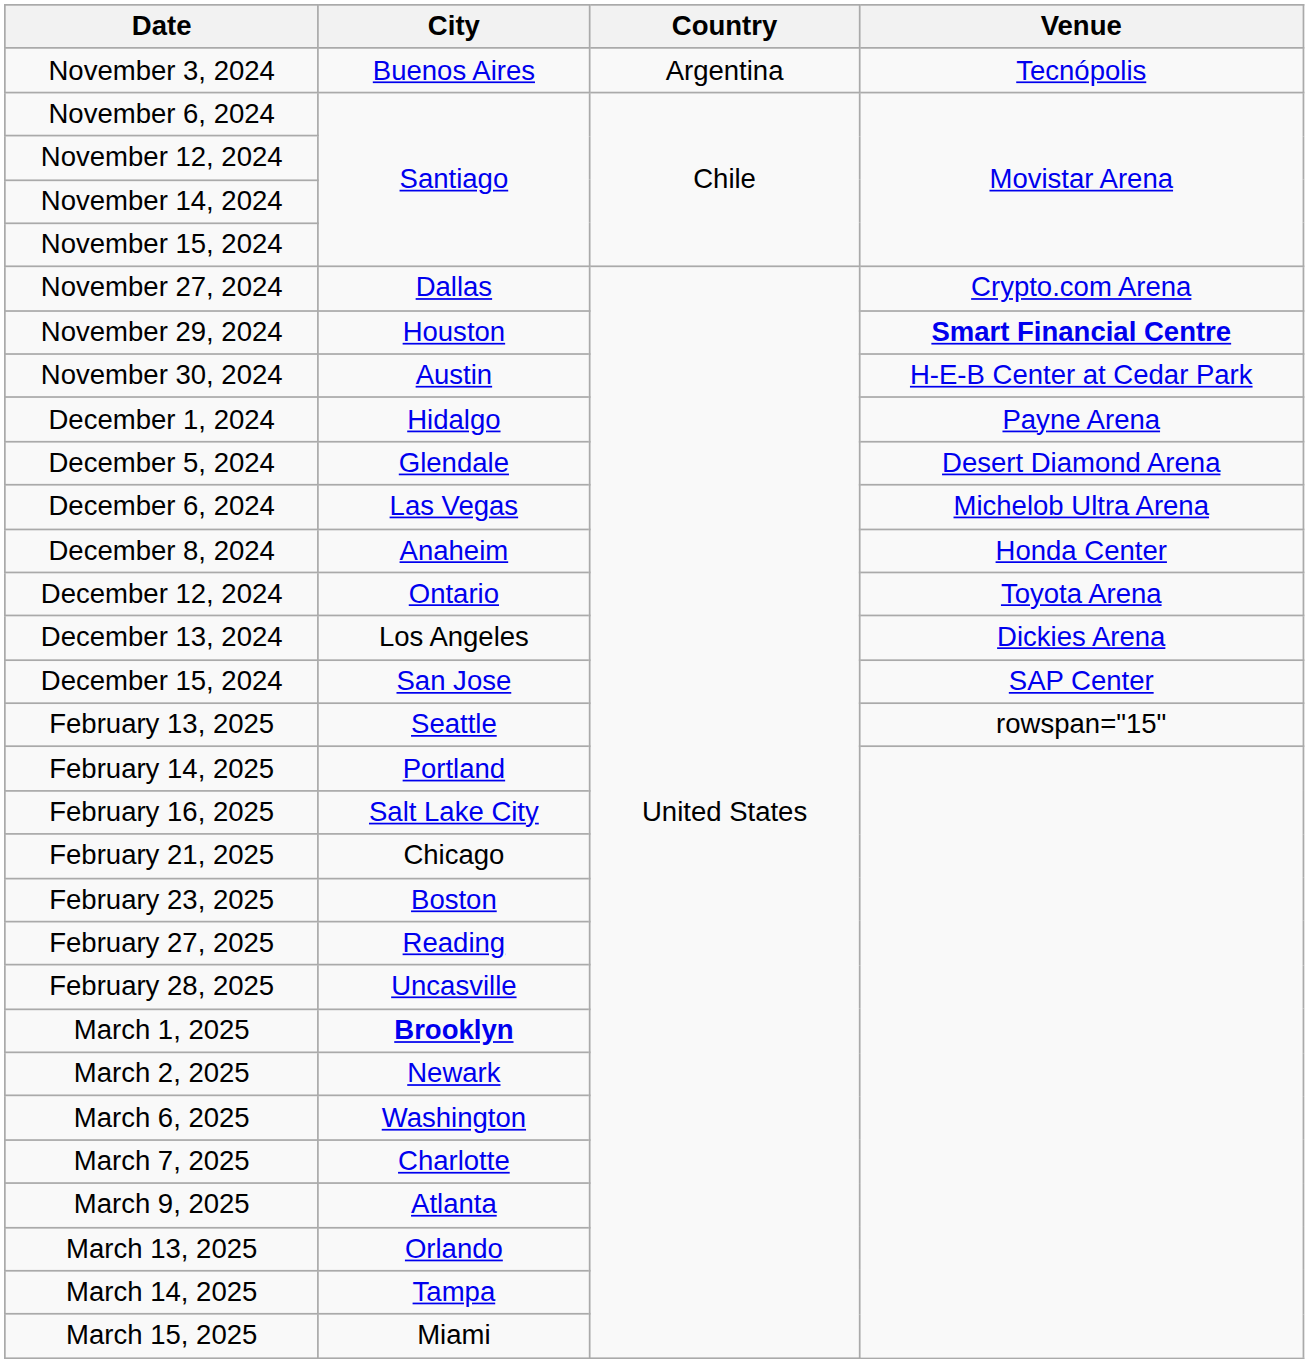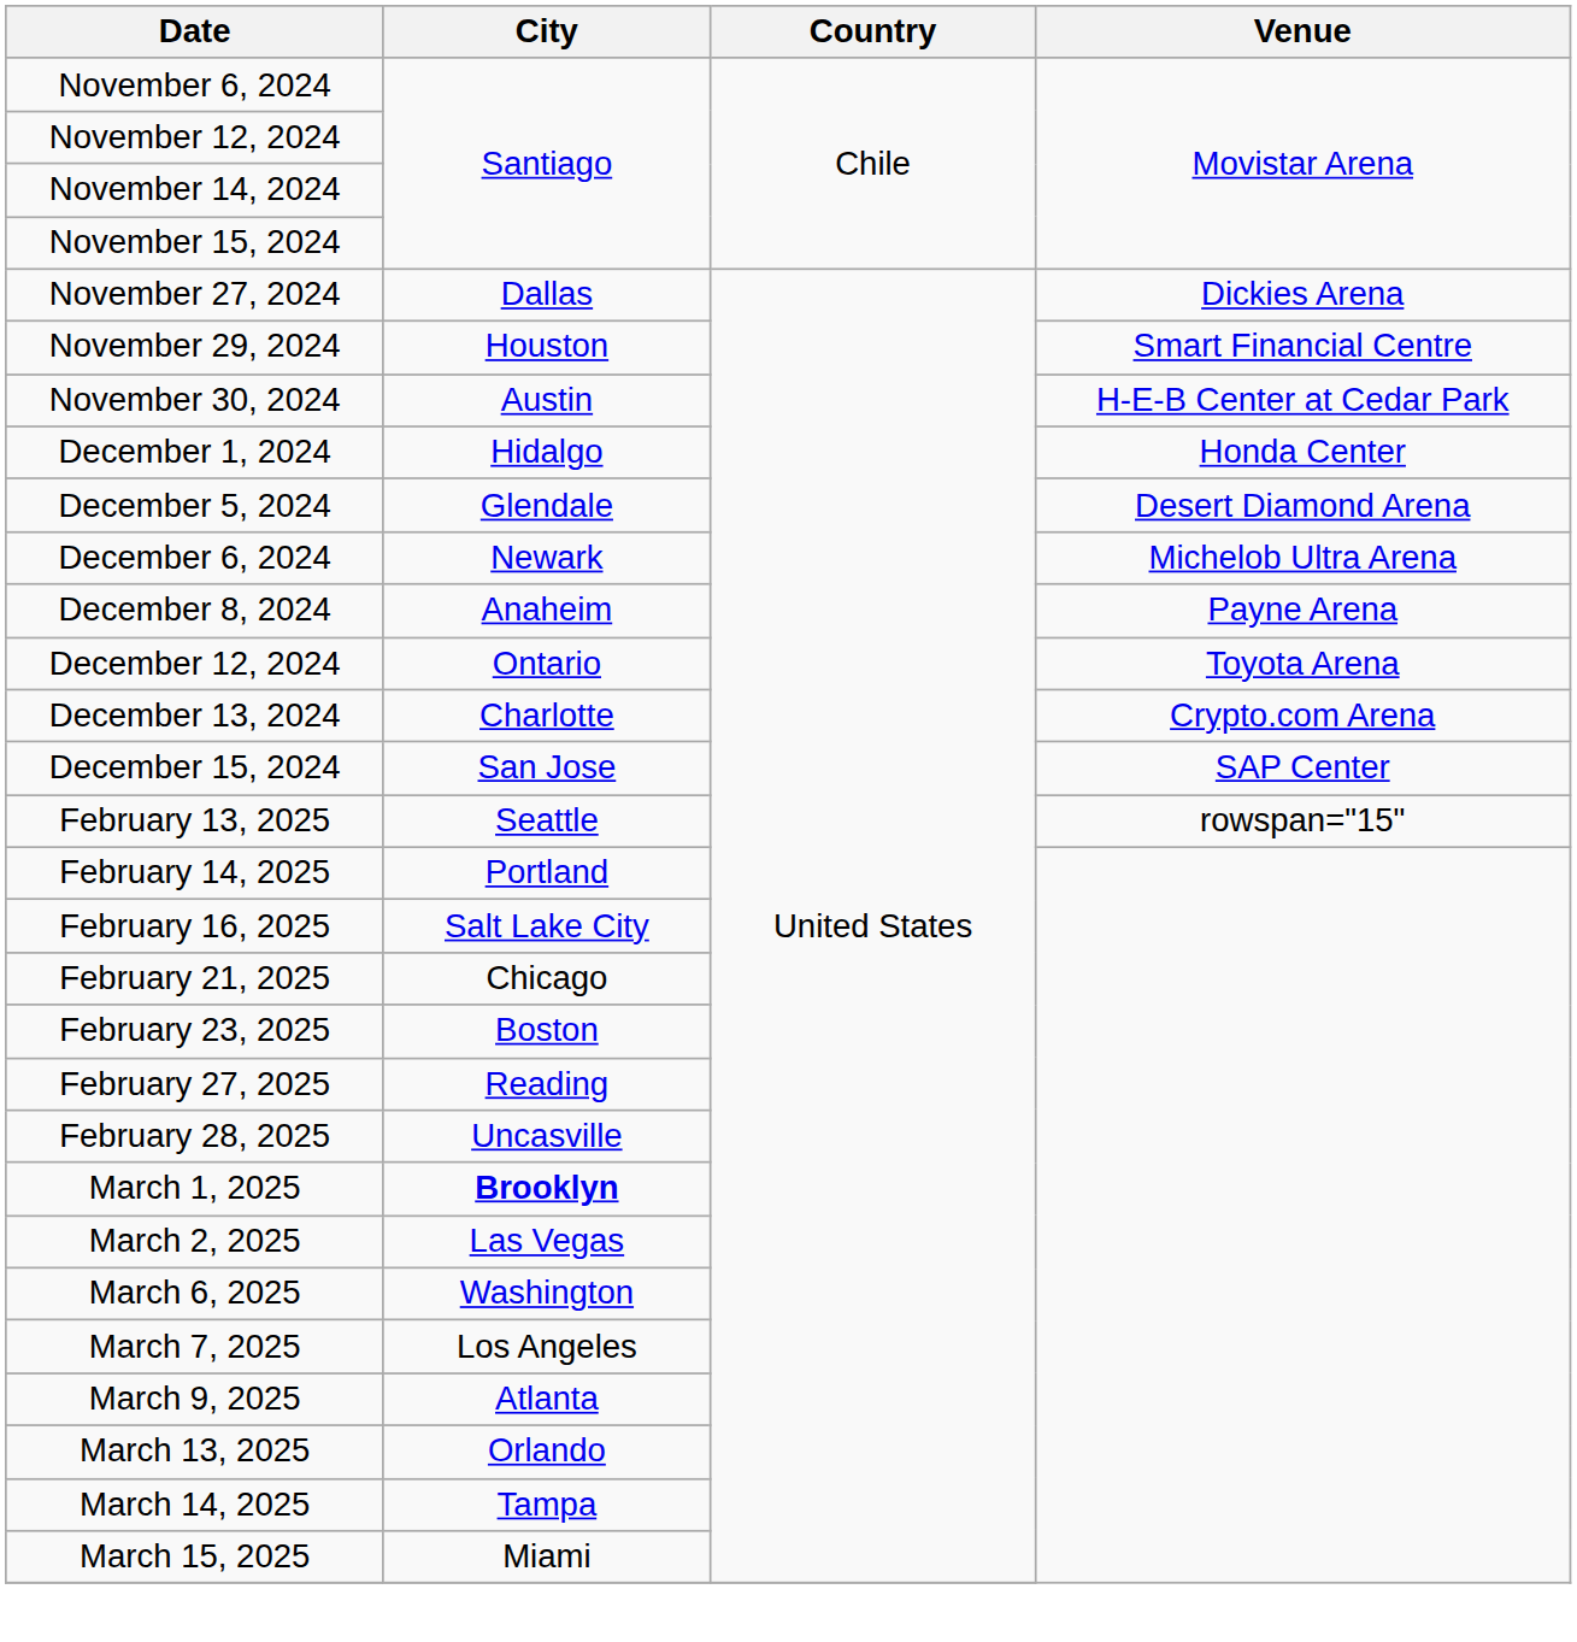 <table class="wikitable" style="text-align:center;">
 <tr>
 <th style="width:175px;">Date</th>
 <th style="width:150px;">City</th>
 <th style="width:150px;">Country</th>
 <th style="width:250px;">Venue</th>
-</tr>
-<tr>
-<td>November 3, 2024</td>
-<td><a href='#'>Buenos Aires</a></td>
-<td>Argentina</td>
-<td><a href='#'>Tecnópolis</a></td>
 </tr>
 <tr>
 <td>November 6, 2024</td>
 <td rowspan="4"><a href='#'>Santiago</a></td>
 <td rowspan="4">Chile</td>
 <td rowspan="4"><a href='#'>Movistar Arena</a></td>
 </tr>
 <tr>
 <td>November 12, 2024</td>
 </tr>
 <tr>
 <td>November 14, 2024</td>
 </tr>
 <tr>
 <td>November 15, 2024</td>
 </tr>
 <tr>
 <td>November 27, 2024</td>
 <td><a href='#'>Dallas</a></td>
 <td rowspan="25">United States</td>
-<td><a href='#'>Crypto.com Arena</a></td>
+<td><a href='#'>Dickies Arena</a></td>
 </tr>
 <tr>
 <td>November 29, 2024</td>
 <td><a href='#'>Houston</a></td>
-<td><strong><a href='#'>Smart Financial Centre</a></strong></td>
+<td><a href='#'>Smart Financial Centre</a></td>
 </tr>
 <tr>
 <td>November 30, 2024</td>
 <td><a href='#'>Austin</a></td>
 <td><a href='#'>H-E-B Center at Cedar Park</a></td>
 </tr>
 <tr>
 <td>December 1, 2024</td>
 <td><a href='#'>Hidalgo</a></td>
-<td><a href='#'>Payne Arena</a></td>
+<td><a href='#'>Honda Center</a></td>
 </tr>
 <tr>
 <td>December 5, 2024</td>
 <td><a href='#'>Glendale</a></td>
 <td><a href='#'>Desert Diamond Arena</a></td>
 </tr>
 <tr>
 <td>December 6, 2024</td>
-<td><a href='#'>Las Vegas</a></td>
+<td><a href='#'>Newark</a></td>
 <td><a href='#'>Michelob Ultra Arena</a></td>
 </tr>
 <tr>
 <td>December 8, 2024</td>
 <td><a href='#'>Anaheim</a></td>
-<td><a href='#'>Honda Center</a></td>
+<td><a href='#'>Payne Arena</a></td>
 </tr>
 <tr>
 <td>December 12, 2024</td>
 <td><a href='#'>Ontario</a></td>
 <td><a href='#'>Toyota Arena</a></td>
 </tr>
 <tr>
 <td>December 13, 2024</td>
-<td>Los Angeles</td>
-<td><a href='#'>Dickies Arena</a></td>
+<td><a href='#'>Charlotte</a></td>
+<td><a href='#'>Crypto.com Arena</a></td>
 </tr>
 <tr>
 <td>December 15, 2024</td>
 <td><a href='#'>San Jose</a></td>
 <td><a href='#'>SAP Center</a></td>
 </tr>
 <tr>
 <td>February 13, 2025</td>
 <td><a href='#'>Seattle</a></td>
 <td>rowspan="15" </td>
 </tr>
 <tr>
 <td>February 14, 2025</td>
 <td><a href='#'>Portland</a></td>
 </tr>
 <tr>
 <td>February 16, 2025</td>
 <td><a href='#'>Salt Lake City</a></td>
 </tr>
 <tr>
 <td>February 21, 2025</td>
 <td>Chicago</td>
 </tr>
 <tr>
 <td>February 23, 2025</td>
 <td><a href='#'>Boston</a></td>
 </tr>
 <tr>
 <td>February 27, 2025</td>
 <td><a href='#'>Reading</a></td>
 </tr>
 <tr>
 <td>February 28, 2025</td>
 <td><a href='#'>Uncasville</a></td>
 </tr>
 <tr>
 <td>March 1, 2025</td>
 <td><strong><a href='#'>Brooklyn</a></strong></td>
 </tr>
 <tr>
 <td>March 2, 2025</td>
-<td><a href='#'>Newark</a></td>
+<td><a href='#'>Las Vegas</a></td>
 </tr>
 <tr>
 <td>March 6, 2025</td>
 <td><a href='#'>Washington</a></td>
 </tr>
 <tr>
 <td>March 7, 2025</td>
-<td><a href='#'>Charlotte</a></td>
+<td>Los Angeles</td>
 </tr>
 <tr>
 <td>March 9, 2025</td>
 <td><a href='#'>Atlanta</a></td>
 </tr>
 <tr>
 <td>March 13, 2025</td>
 <td><a href='#'>Orlando</a></td>
 </tr>
 <tr>
 <td>March 14, 2025</td>
 <td><a href='#'>Tampa</a></td>
 </tr>
 <tr>
 <td>March 15, 2025</td>
 <td>Miami</td>
 </tr>
 <tr>
 </tr>
 </table>
